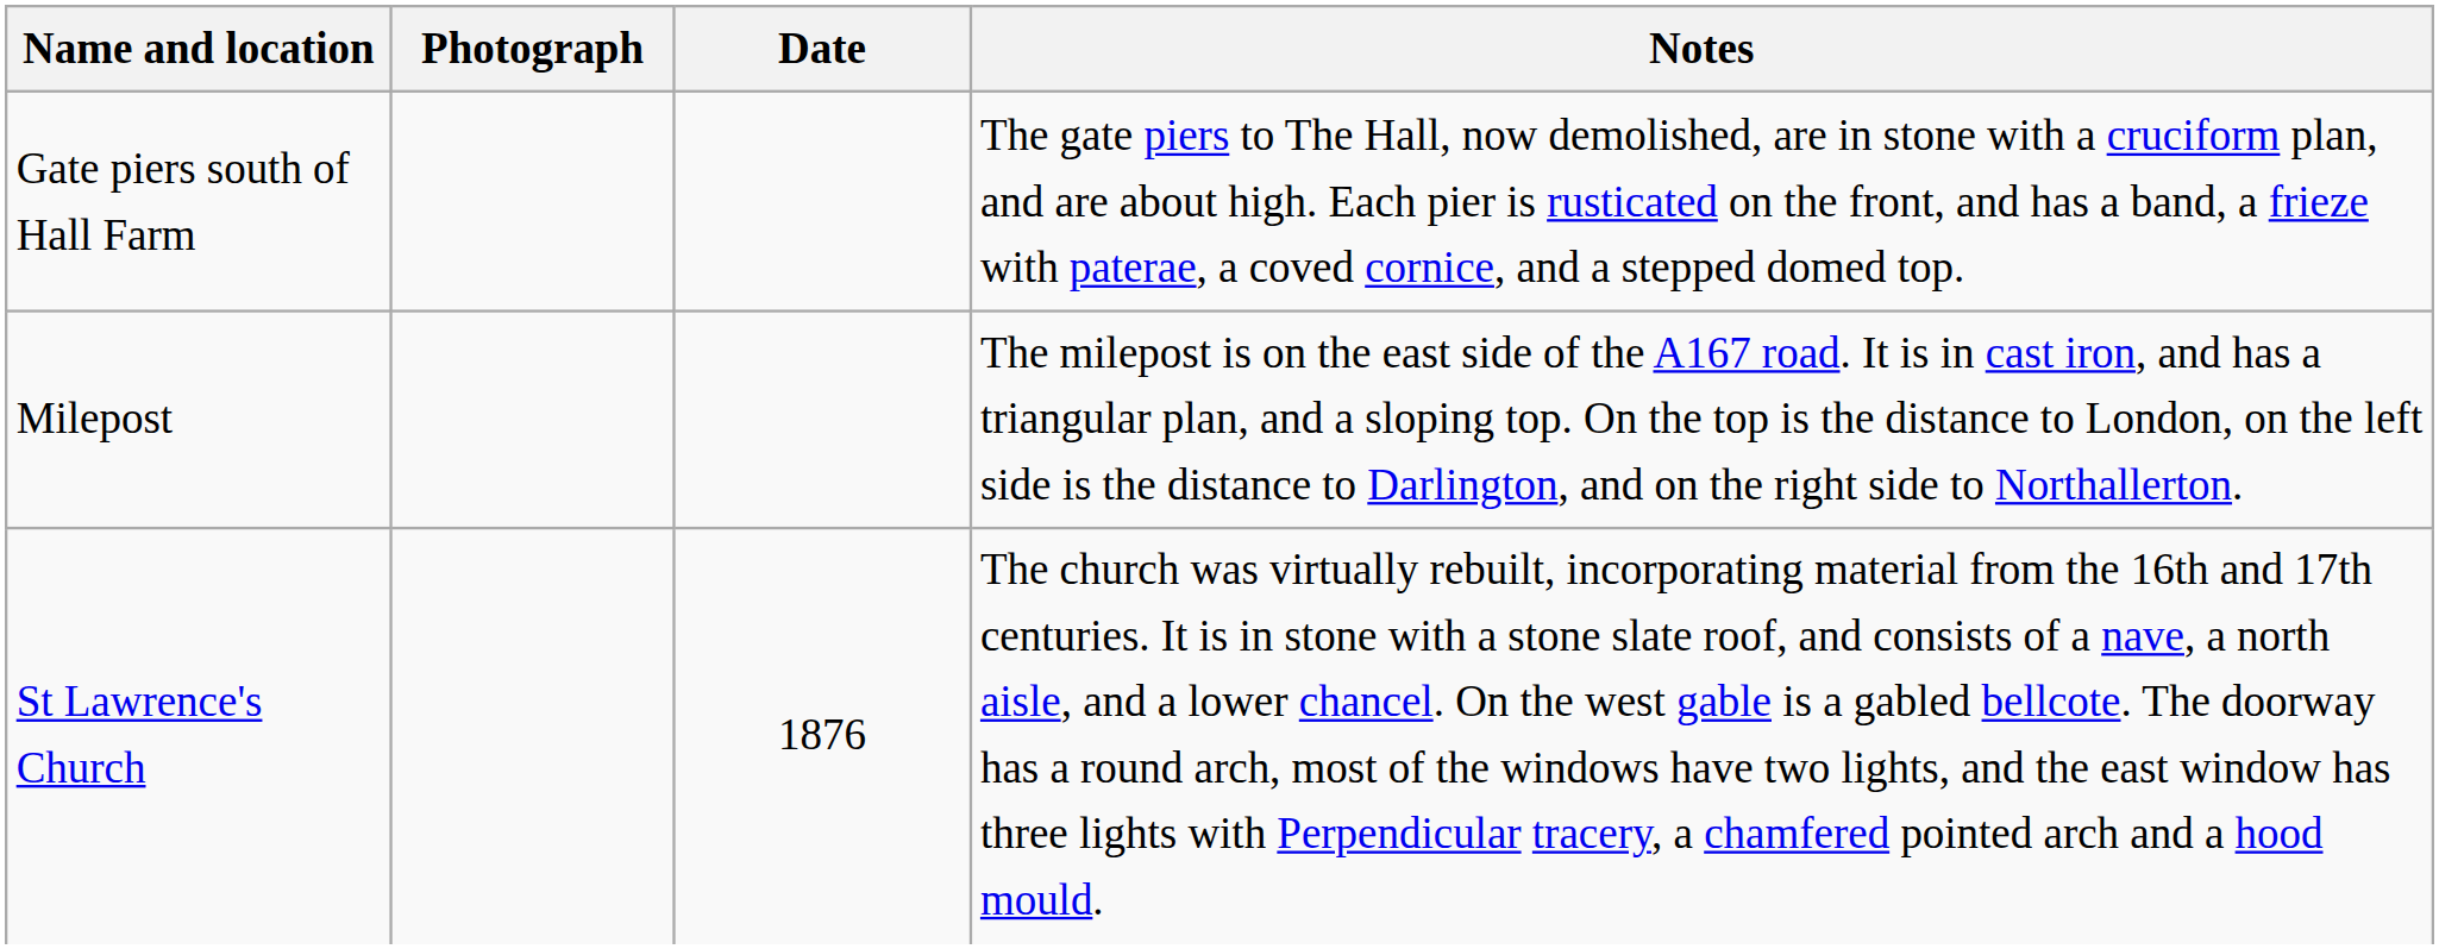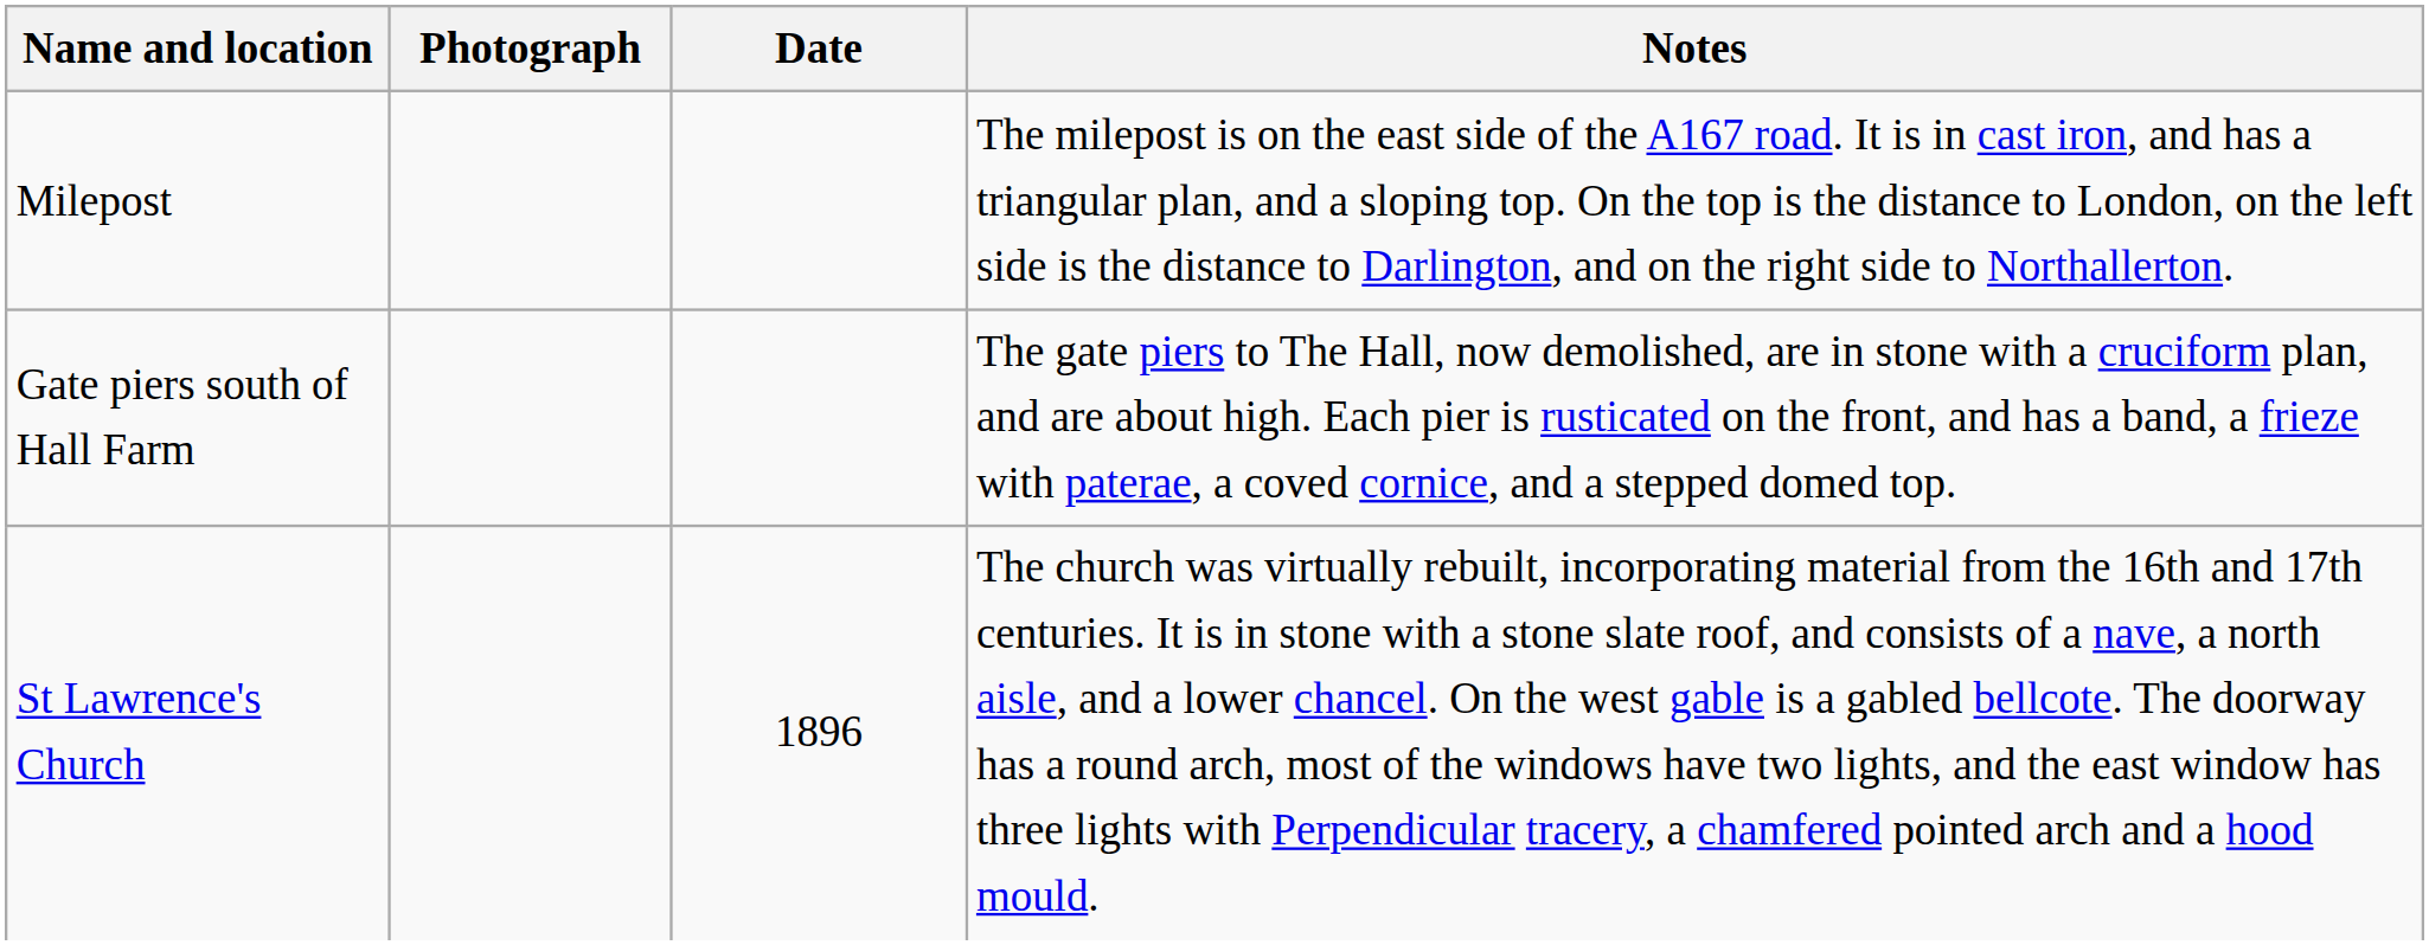 <table class="wikitable sortable plainrowheaders" style="width:100%;border:0px;text-align:left;line-height:150%;">
 <tr>
 <th scope="col"  style="width:150px">Name and location</th>
 <th scope="col"  style="width:100px" class="unsortable">Photograph</th>
 <th scope="col"  style="width:120px">Date</th>
 <th scope="col"  style="width:650px" class="unsortable">Notes</th>
 </tr>
 <tr>
+<td>Milepost<br><small></small></td>
+<td></td>
+<td align="center"></td>
+<td>The milepost is on the east side of the <a href='#'>A167 road</a>. It is in <a href='#'>cast iron</a>, and has  a triangular plan, and a sloping top. On the top is the distance to London, on the left side is the distance to <a href='#'>Darlington</a>, and on the right side to <a href='#'>Northallerton</a>.</td>
+</tr>
+<tr>
 <td>Gate piers south of Hall Farm<br><small></small></td>
 <td></td>
 <td align="center"></td>
 <td>The gate <a href='#'>piers</a> to The Hall, now demolished, are in stone with a <a href='#'>cruciform</a> plan, and are about  high. Each pier is <a href='#'>rusticated</a> on the front, and has a band, a <a href='#'>frieze</a> with <a href='#'>paterae</a>, a coved <a href='#'>cornice</a>, and a stepped domed top.</td>
 </tr>
 <tr>
-<td>Milepost<br><small></small></td>
-<td></td>
-<td align="center"></td>
-<td>The milepost is on the east side of the <a href='#'>A167 road</a>. It is in <a href='#'>cast iron</a>, and has  a triangular plan, and a sloping top. On the top is the distance to London, on the left side is the distance to <a href='#'>Darlington</a>, and on the right side to <a href='#'>Northallerton</a>.</td>
-</tr>
-<tr>
 <td><a href='#'>St Lawrence's Church</a><br><small></small></td>
 <td></td>
-<td align="center">1876</td>
+<td align="center">1896</td>
 <td>The church was virtually rebuilt, incorporating material from the 16th and 17th centuries. It is in stone with a stone slate roof, and consists of a <a href='#'>nave</a>, a north <a href='#'>aisle</a>, and a lower <a href='#'>chancel</a>. On the west <a href='#'>gable</a> is a gabled <a href='#'>bellcote</a>. The doorway has a round arch, most of the windows have two lights, and the east window has three lights with <a href='#'>Perpendicular</a> <a href='#'>tracery</a>, a <a href='#'>chamfered</a> pointed arch and a <a href='#'>hood mould</a>.</td>
 </tr>
 <tr>
 </tr>
 </table>
